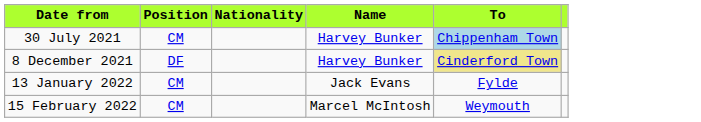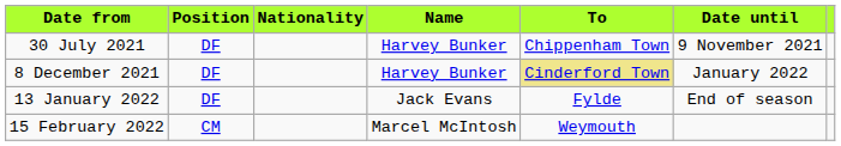 <table class="wikitable"  style="text-align:center; font-size:90%; ">
 <tr>
 <th style="background:#ADFF2F;color:black;">Date from</th>
 <th style="background:#ADFF2F;color:black;">Position</th>
 <th style="background:#ADFF2F;color:black;">Nationality</th>
 <th style="background:#ADFF2F;color:black;">Name</th>
 <th style="background:#ADFF2F;color:black;">To</th>
+<th style="background:#ADFF2F;color:black;">Date until</th>
 <th style="background:#ADFF2F;color:black;"></th>
 </tr>
 <tr>
 <td>30 July 2021</td>
-<td><a href='#'>CM</a></td>
+<td><a href='#'>DF</a></td>
 <td></td>
 <td><a href='#'>Harvey Bunker</a></td>
-<td style="background: lightblue;"> <a href='#'>Chippenham Town</a></td>
+<td> <a href='#'>Chippenham Town</a></td>
+<td>9 November 2021</td>
 <td></td>
 </tr>
 <tr>
 <td>8 December 2021</td>
 <td><a href='#'>DF</a></td>
 <td></td>
 <td><a href='#'>Harvey Bunker</a></td>
 <td style="background: khaki;"> <a href='#'>Cinderford Town</a></td>
+<td>January 2022</td>
 <td></td>
 </tr>
 <tr>
 <td>13 January 2022</td>
-<td><a href='#'>CM</a></td>
+<td><a href='#'>DF</a></td>
 <td></td>
 <td Jack Evans (footballer, born 2000)>Jack Evans</td>
 <td> <a href='#'>Fylde</a></td>
+<td>End of season</td>
 <td></td>
 </tr>
 <tr>
 <td>15 February 2022</td>
 <td><a href='#'>CM</a></td>
 <td></td>
 <td>Marcel McIntosh</td>
 <td> <a href='#'>Weymouth</a></td>
 <td></td>
+<td></td>
 </tr>
 </table>
